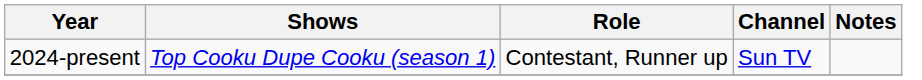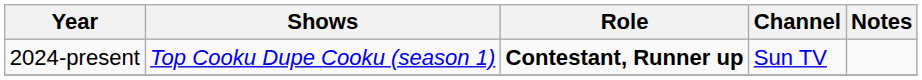 <table class="wikitable sortable">
 <tr>
 <th>Year</th>
 <th>Shows</th>
 <th>Role</th>
 <th>Channel</th>
 <th>Notes</th>
 </tr>
 <tr>
 <td>2024-present</td>
 <td><em><a href='#'>Top Cooku Dupe Cooku (season 1)</a></em></td>
-<td>Contestant, Runner up</td>
+<td><strong>Contestant, Runner up</strong></td>
 <td><a href='#'>Sun TV</a></td>
 <td></td>
 </tr>
 <tr>
 </tr>
 </table>
